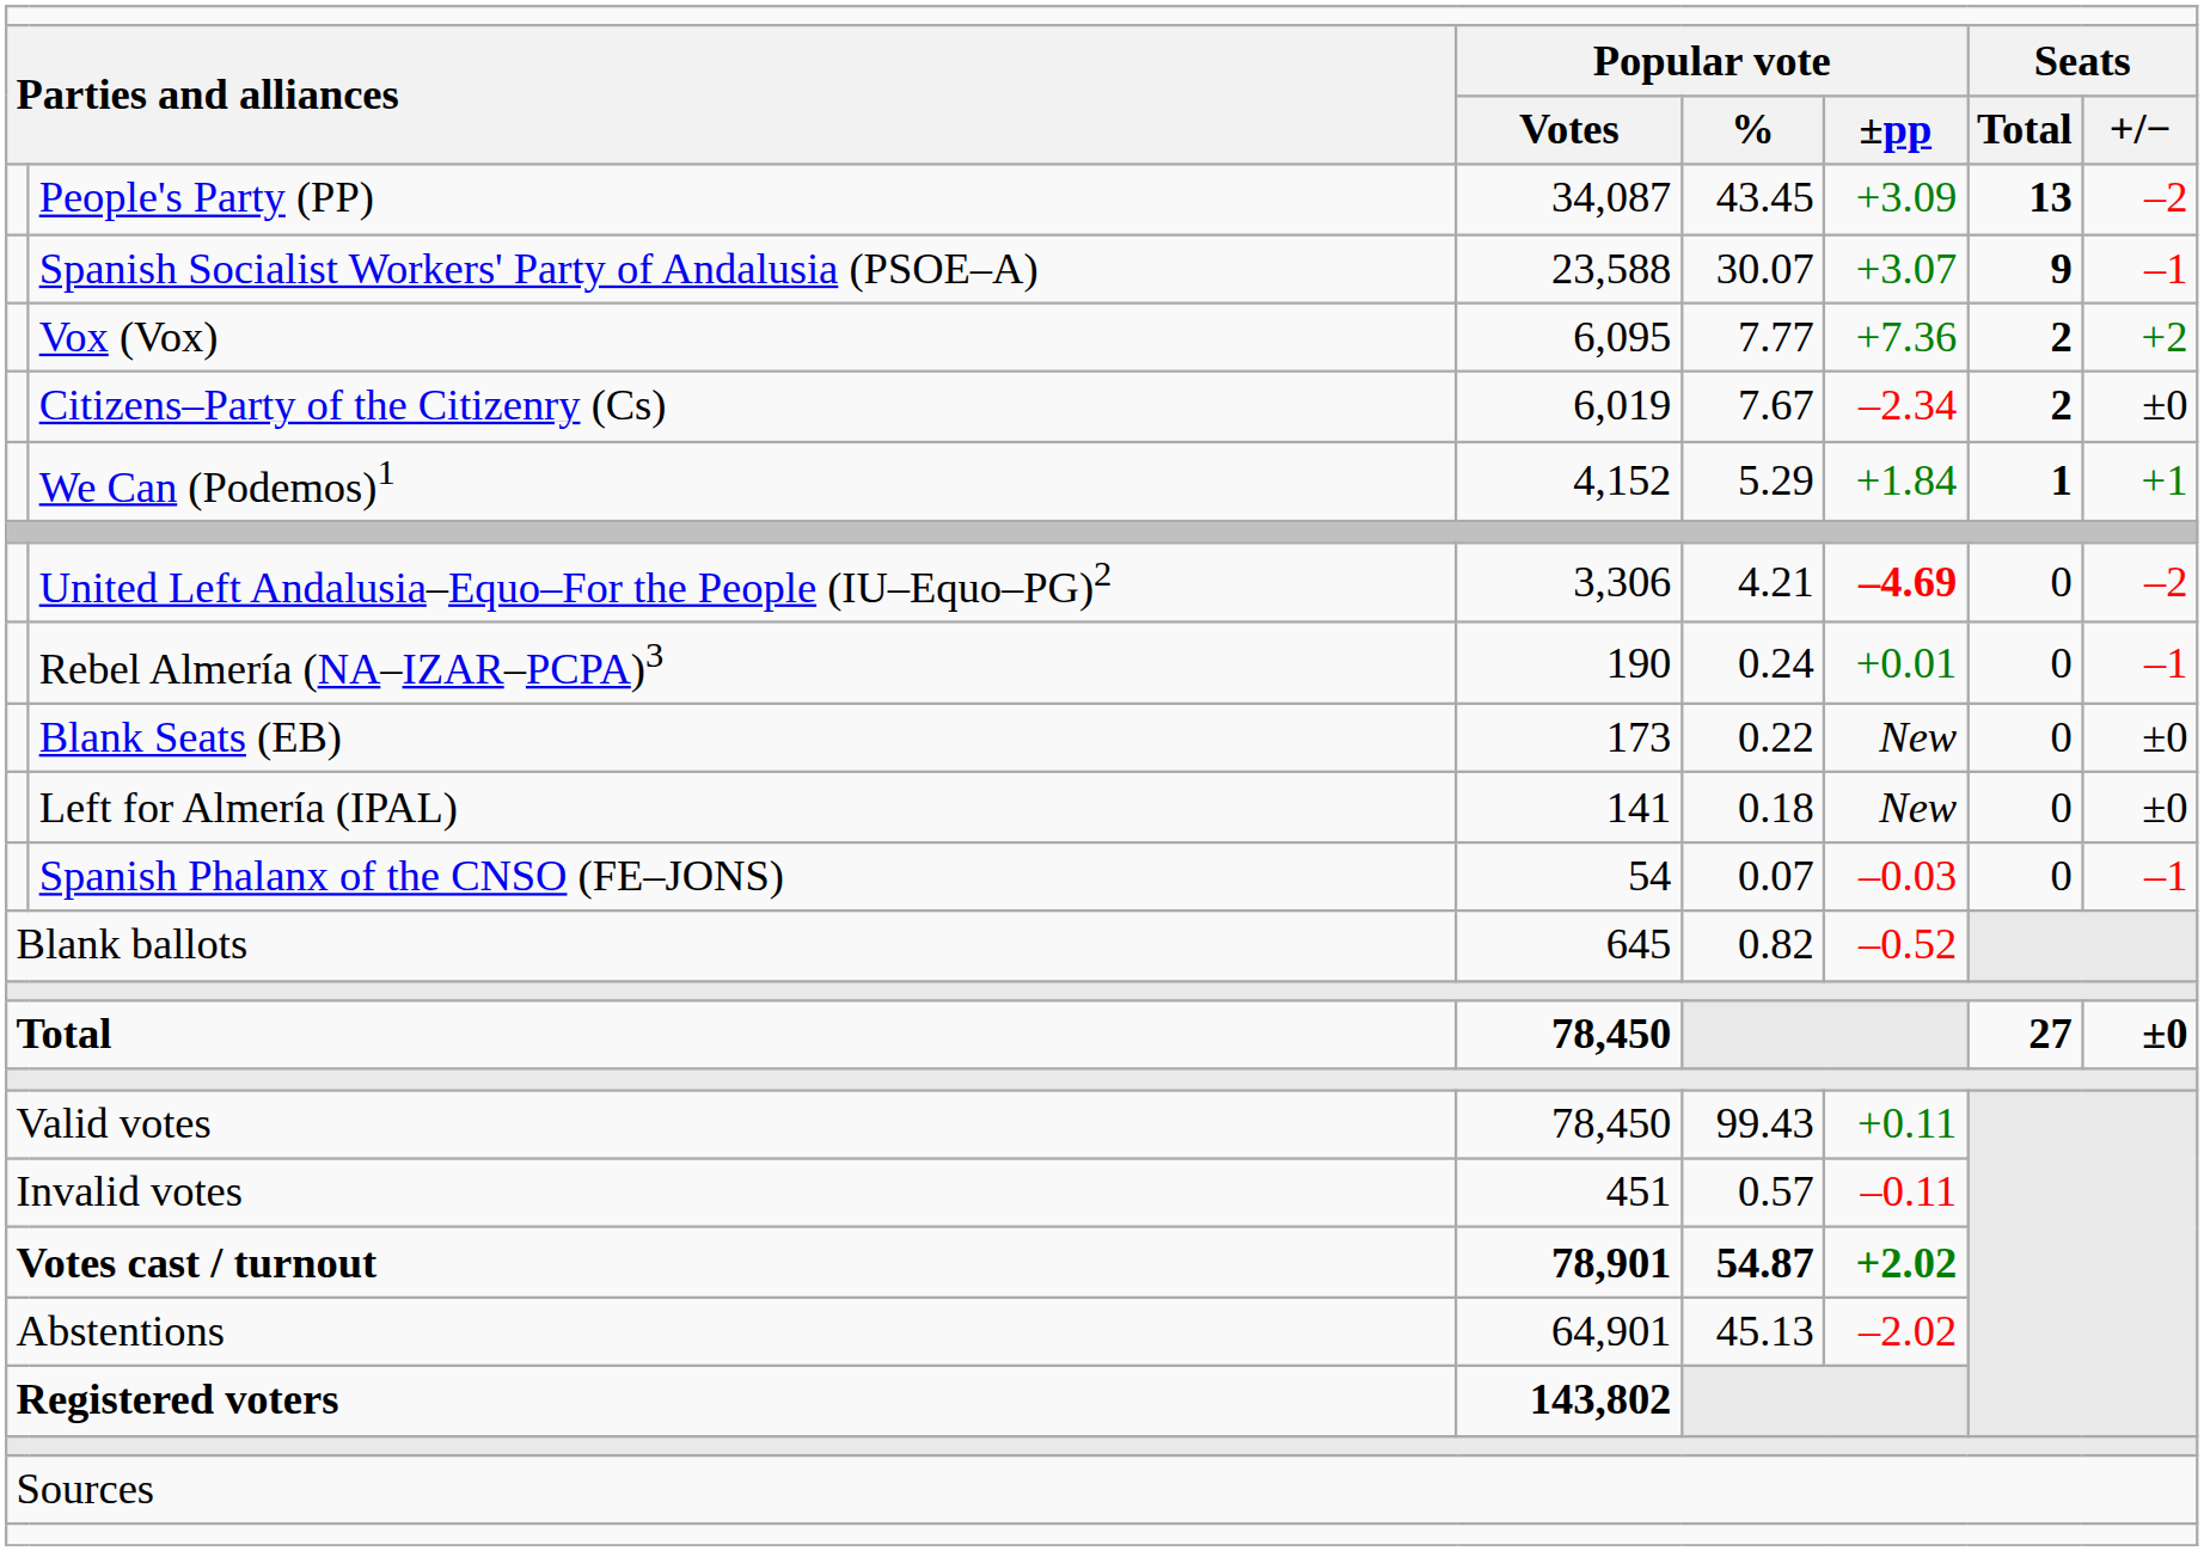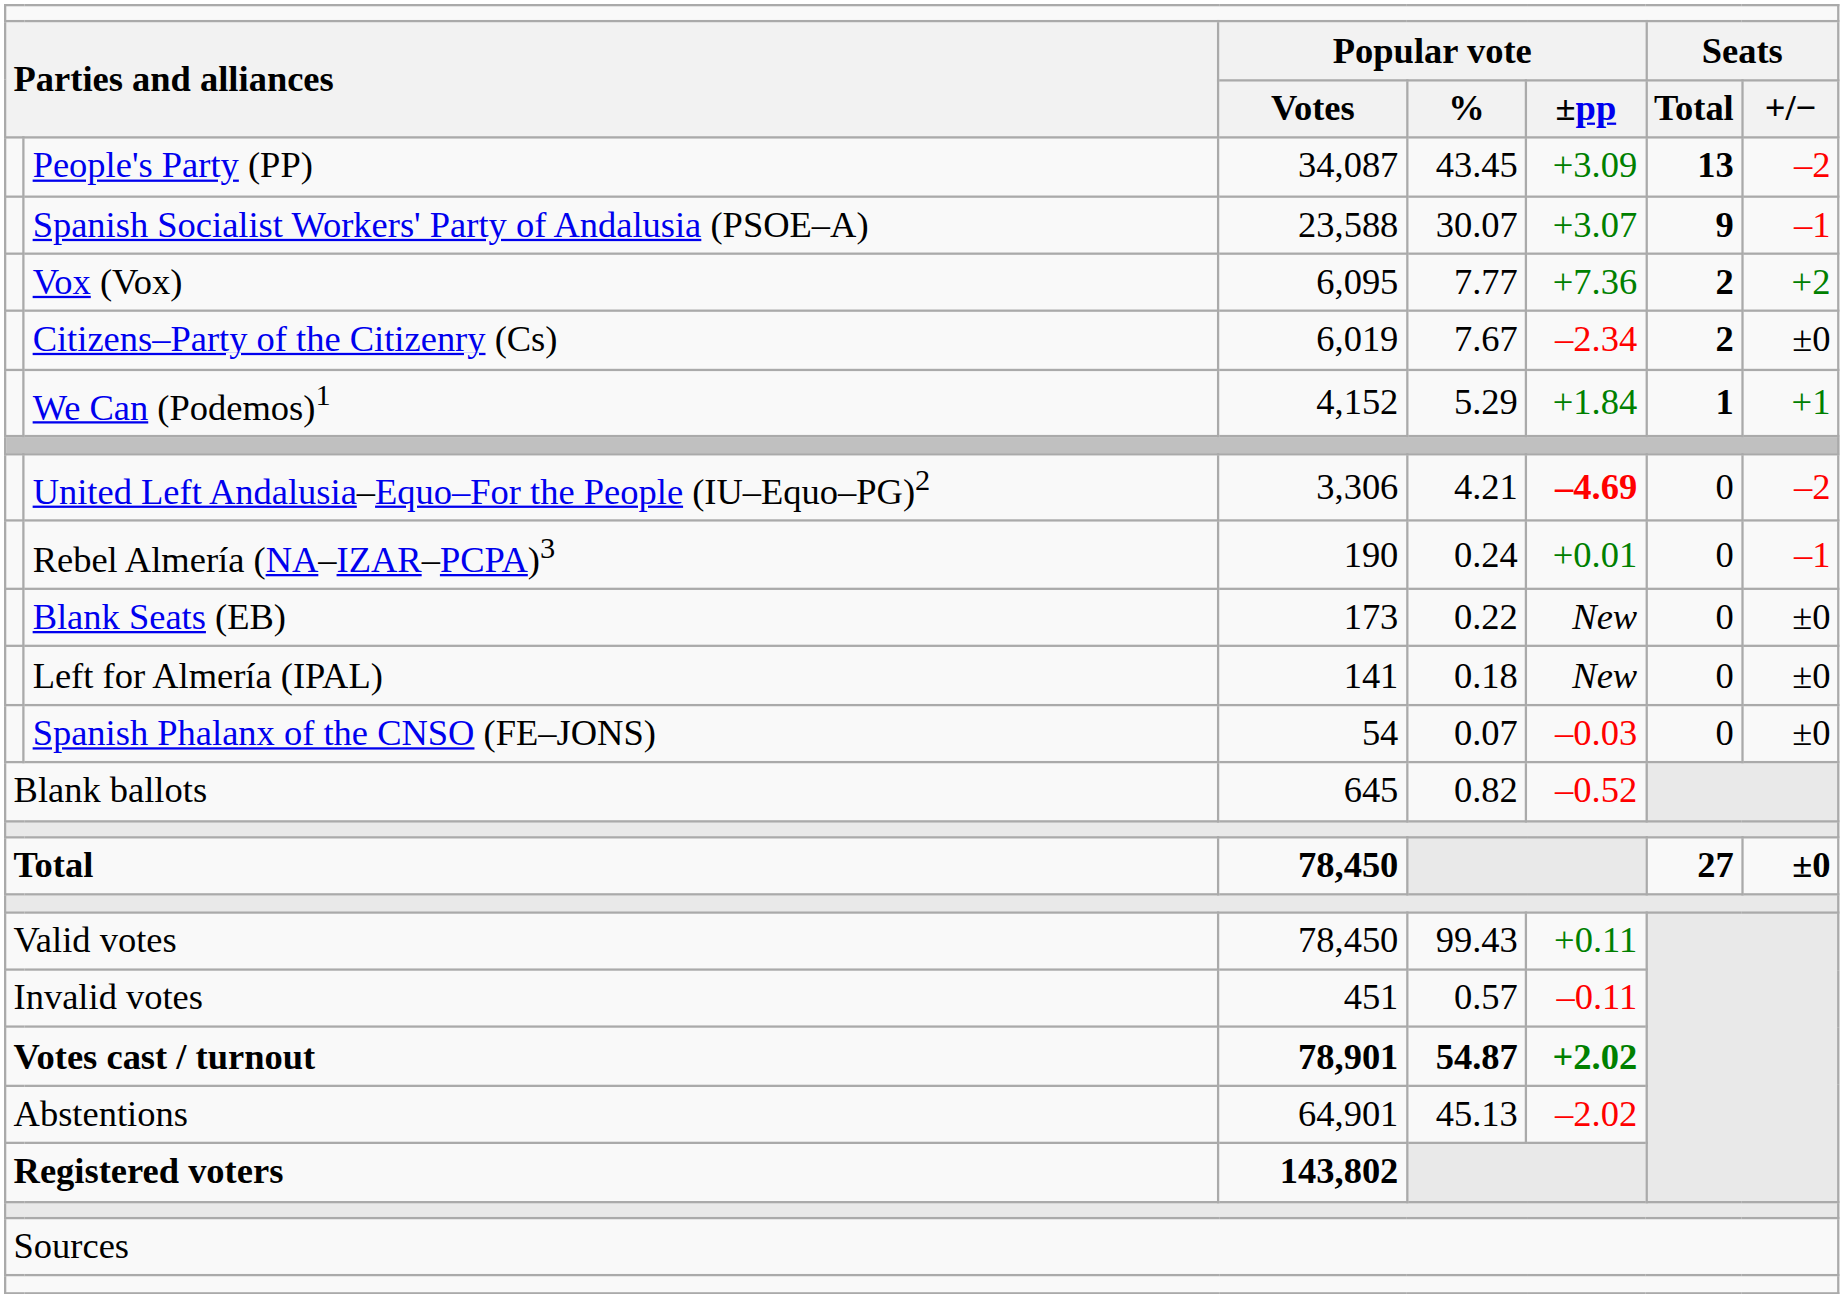 <table class="wikitable" style="text-align:right;">
 <tr>
 <td colspan="7"></td>
 </tr>
 <tr>
 <th style="text-align:left;" rowspan="2" colspan="2" width="525">Parties and alliances</th>
 <th colspan="3">Popular vote</th>
 <th colspan="2">Seats</th>
 </tr>
 <tr>
 <th width="75">Votes</th>
 <th width="45">%</th>
 <th width="45">±<a href='#'>pp</a></th>
 <th width="35">Total</th>
 <th width="35">+/−</th>
 </tr>
 <tr>
 <td width="1" style="color:inherit;background:"></td>
 <td align="left"><a href='#'>People's Party</a> (PP)</td>
 <td>34,087</td>
 <td>43.45</td>
 <td style="color:green;">+3.09</td>
 <td><strong>13</strong></td>
 <td style="color:red;">–2</td>
 </tr>
 <tr>
 <td style="color:inherit;background:"></td>
 <td align="left"><a href='#'>Spanish Socialist Workers' Party of Andalusia</a> (PSOE–A)</td>
 <td>23,588</td>
 <td>30.07</td>
 <td style="color:green;">+3.07</td>
 <td><strong>9</strong></td>
 <td style="color:red;">–1</td>
 </tr>
 <tr>
 <td style="color:inherit;background:"></td>
 <td align="left"><a href='#'>Vox</a> (Vox)</td>
 <td>6,095</td>
 <td>7.77</td>
 <td style="color:green;">+7.36</td>
 <td><strong>2</strong></td>
 <td style="color:green;">+2</td>
 </tr>
 <tr>
 <td style="color:inherit;background:"></td>
 <td align="left"><a href='#'>Citizens–Party of the Citizenry</a> (Cs)</td>
 <td>6,019</td>
 <td>7.67</td>
 <td style="color:red;">–2.34</td>
 <td><strong>2</strong></td>
 <td>±0</td>
 </tr>
 <tr>
 <td style="color:inherit;background:"></td>
 <td align="left"><a href='#'>We Can</a> (Podemos)<sup>1</sup></td>
 <td>4,152</td>
 <td>5.29</td>
 <td style="color:green;">+1.84</td>
 <td><strong>1</strong></td>
 <td style="color:green;">+1</td>
 </tr>
 <tr>
 <td colspan="7" bgcolor="#C0C0C0"></td>
 </tr>
 <tr>
 <td style="color:inherit;background:"></td>
 <td align="left"><a href='#'>United Left Andalusia</a>–<a href='#'>Equo–For the People</a> (IU–Equo–PG)<sup>2</sup></td>
 <td>3,306</td>
 <td>4.21</td>
 <td style="color:red;"><strong>–4.69</strong></td>
 <td>0</td>
 <td style="color:red;">–2</td>
 </tr>
 <tr>
 <td style="color:inherit;background:"></td>
 <td align="left">Rebel Almería (<a href='#'>NA</a>–<a href='#'>IZAR</a>–<a href='#'>PCPA</a>)<sup>3</sup></td>
 <td>190</td>
 <td>0.24</td>
 <td style="color:green;">+0.01</td>
 <td>0</td>
 <td style="color:red;">–1</td>
 </tr>
 <tr>
 <td style="color:inherit;background:"></td>
 <td align="left"><a href='#'>Blank Seats</a> (EB)</td>
 <td>173</td>
 <td>0.22</td>
 <td><em>New</em></td>
 <td>0</td>
 <td>±0</td>
 </tr>
 <tr>
 <td style="color:inherit;background:"></td>
 <td align="left">Left for Almería (IPAL)</td>
 <td>141</td>
 <td>0.18</td>
 <td><em>New</em></td>
 <td>0</td>
 <td>±0</td>
 </tr>
 <tr>
 <td style="color:inherit;background:"></td>
 <td align="left"><a href='#'>Spanish Phalanx of the CNSO</a> (FE–JONS)</td>
 <td>54</td>
 <td>0.07</td>
 <td style="color:red;">–0.03</td>
 <td>0</td>
-<td style="color:red;">–1</td>
+<td>±0</td>
 </tr>
 <tr>
 <td align="left" colspan="2">Blank ballots</td>
 <td>645</td>
 <td>0.82</td>
 <td style="color:red;">–0.52</td>
 <td bgcolor="#E9E9E9" colspan="2"></td>
 </tr>
 <tr>
 <td colspan="7" bgcolor="#E9E9E9"></td>
 </tr>
 <tr style="font-weight:bold;">
 <td align="left" colspan="2">Total</td>
 <td>78,450</td>
 <td bgcolor="#E9E9E9" colspan="2"></td>
 <td>27</td>
 <td>±0</td>
 </tr>
 <tr>
 <td colspan="7" bgcolor="#E9E9E9"></td>
 </tr>
 <tr>
 <td align="left" colspan="2">Valid votes</td>
 <td>78,450</td>
 <td>99.43</td>
 <td style="color:green;">+0.11</td>
 <td bgcolor="#E9E9E9" colspan="2" rowspan="5"></td>
 </tr>
 <tr>
 <td align="left" colspan="2">Invalid votes</td>
 <td>451</td>
 <td>0.57</td>
 <td style="color:red;">–0.11</td>
 </tr>
 <tr style="font-weight:bold;">
 <td align="left" colspan="2">Votes cast / turnout</td>
 <td>78,901</td>
 <td>54.87</td>
 <td style="color:green;">+2.02</td>
 </tr>
 <tr>
 <td align="left" colspan="2">Abstentions</td>
 <td>64,901</td>
 <td>45.13</td>
 <td style="color:red;">–2.02</td>
 </tr>
 <tr style="font-weight:bold;">
 <td align="left" colspan="2">Registered voters</td>
 <td>143,802</td>
 <td bgcolor="#E9E9E9" colspan="2"></td>
 </tr>
 <tr>
 <td colspan="7" bgcolor="#E9E9E9"></td>
 </tr>
 <tr>
 <td align="left" colspan="7">Sources</td>
 </tr>
 <tr>
 <td colspan="7" style="text-align:left; max-width:790px;"></td>
 </tr>
 </table>
